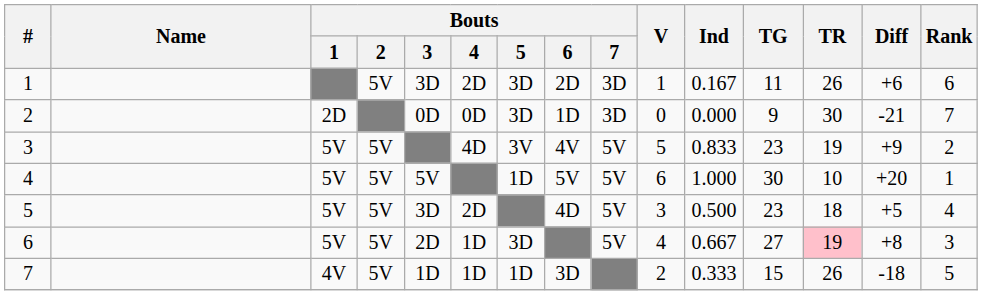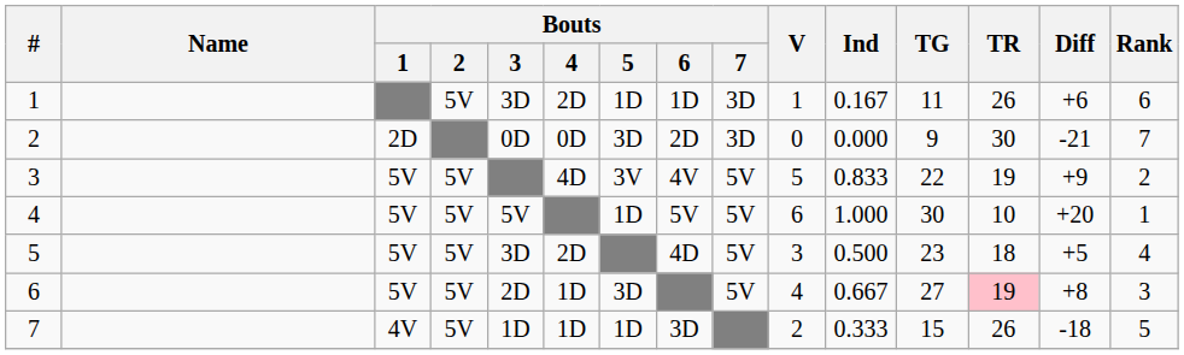 <table class="wikitable" style="text-align:center;">
 <tr>
 <th rowspan=2 width=30>#</th>
 <th rowspan=2 width=200>Name</th>
 <th colspan=7>Bouts</th>
 <th rowspan=2 width=30>V</th>
 <th rowspan=2 width=40>Ind</th>
 <th rowspan=2 width=40>TG</th>
 <th rowspan=2 width=40>TR</th>
 <th rowspan=2 width=40>Diff</th>
 <th rowspan=2 width=30>Rank</th>
 </tr>
 <tr>
 <th width=30>1</th>
 <th width=30>2</th>
 <th width=30>3</th>
 <th width=30>4</th>
 <th width=30>5</th>
 <th width=30>6</th>
 <th width=30>7</th>
 </tr>
 <tr>
 <td>1</td>
 <td align=left></td>
 <td bgcolor=grey></td>
 <td>5V</td>
 <td>3D</td>
 <td>2D</td>
-<td>3D</td>
-<td>2D</td>
+<td>1D</td>
+<td>1D</td>
 <td>3D</td>
 <td>1</td>
 <td>0.167</td>
 <td>11</td>
 <td>26</td>
 <td>+6</td>
 <td>6</td>
 </tr>
 <tr>
 <td>2</td>
 <td align=left></td>
 <td>2D</td>
 <td bgcolor=grey></td>
 <td>0D</td>
 <td>0D</td>
 <td>3D</td>
-<td>1D</td>
+<td>2D</td>
 <td>3D</td>
 <td>0</td>
 <td>0.000</td>
 <td>9</td>
 <td>30</td>
 <td>-21</td>
 <td>7</td>
 </tr>
 <tr>
 <td>3</td>
 <td align=left></td>
 <td>5V</td>
 <td>5V</td>
 <td bgcolor=grey></td>
 <td>4D</td>
 <td>3V</td>
 <td>4V</td>
 <td>5V</td>
 <td>5</td>
 <td>0.833</td>
-<td>23</td>
+<td>22</td>
 <td>19</td>
 <td>+9</td>
 <td>2</td>
 </tr>
 <tr>
 <td>4</td>
 <td align=left></td>
 <td>5V</td>
 <td>5V</td>
 <td>5V</td>
 <td bgcolor=grey></td>
 <td>1D</td>
 <td>5V</td>
 <td>5V</td>
 <td>6</td>
 <td>1.000</td>
 <td>30</td>
 <td>10</td>
 <td>+20</td>
 <td>1</td>
 </tr>
 <tr>
 <td>5</td>
 <td align=left></td>
 <td>5V</td>
 <td>5V</td>
 <td>3D</td>
 <td>2D</td>
 <td bgcolor=grey></td>
 <td>4D</td>
 <td>5V</td>
 <td>3</td>
 <td>0.500</td>
 <td>23</td>
 <td>18</td>
 <td>+5</td>
 <td>4</td>
 </tr>
 <tr>
 <td>6</td>
 <td align=left></td>
 <td>5V</td>
 <td>5V</td>
 <td>2D</td>
 <td>1D</td>
 <td>3D</td>
 <td bgcolor=grey></td>
 <td>5V</td>
 <td>4</td>
 <td>0.667</td>
 <td>27</td>
 <td style="background: pink;">19</td>
 <td>+8</td>
 <td>3</td>
 </tr>
 <tr>
 <td>7</td>
 <td align=left></td>
 <td>4V</td>
 <td>5V</td>
 <td>1D</td>
 <td>1D</td>
 <td>1D</td>
 <td>3D</td>
 <td bgcolor=grey></td>
 <td>2</td>
 <td>0.333</td>
 <td>15</td>
 <td>26</td>
 <td>-18</td>
 <td>5</td>
 </tr>
 <tr>
 </tr>
 </table>
